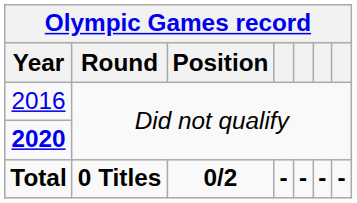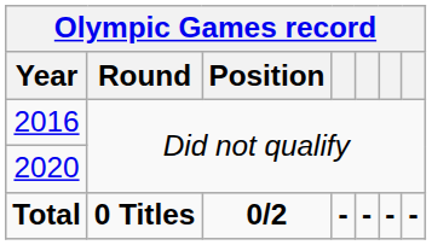 <table class="wikitable" style="text-align: center;">
 <tr>
 <th colspan=10><a href='#'>Olympic Games record</a></th>
 </tr>
 <tr>
 <th>Year</th>
 <th>Round</th>
 <th>Position</th>
 <th></th>
 <th></th>
 <th></th>
 <th></th>
 </tr>
 <tr>
 <td> <a href='#'>2016</a></td>
 <td colspan="6" rowspan="2"><em>Did not qualify</em></td>
 </tr>
 <tr>
-<td><strong> <a href='#'>2020</a></strong></td>
+<td> <a href='#'>2020</a></td>
 </tr>
 <tr>
 <td colspan="1"><strong>Total</strong></td>
 <td><strong>0 Titles</strong></td>
 <td><strong>0/2</strong></td>
 <td><strong>-</strong></td>
 <td><strong>-</strong></td>
 <td><strong>-</strong></td>
 <td><strong>-</strong></td>
 </tr>
 </table>
